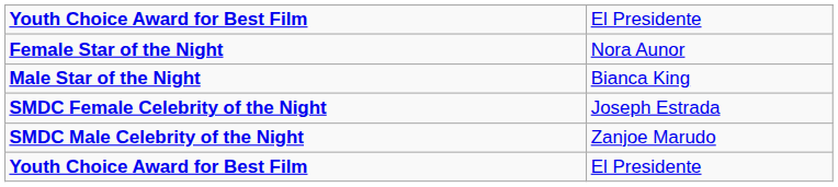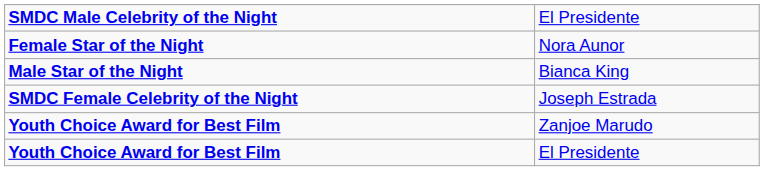 <table class="wikitable" width=45%>
 <tr style="background:#bebebe;">
 </tr>
 <tr>
-<td><strong><a href='#'>Youth Choice Award for Best Film</a></strong></td>
+<td><strong><a href='#'>SMDC Male Celebrity of the Night</a></strong></td>
 <td><a href='#'>El Presidente</a></td>
 </tr>
 <tr>
 <td><strong><a href='#'>Female Star of the Night</a></strong></td>
 <td><a href='#'>Nora Aunor</a></td>
 </tr>
 <tr>
 <td><strong><a href='#'>Male Star of the Night</a></strong></td>
 <td><a href='#'>Bianca King</a></td>
 </tr>
 <tr>
 <td><strong><a href='#'>SMDC Female Celebrity of the Night</a></strong></td>
 <td><a href='#'>Joseph Estrada</a></td>
 </tr>
 <tr>
-<td><strong><a href='#'>SMDC Male Celebrity of the Night</a></strong></td>
+<td><strong><a href='#'>Youth Choice Award for Best Film</a></strong></td>
 <td><a href='#'>Zanjoe Marudo</a></td>
 </tr>
 <tr>
 <td><strong><a href='#'>Youth Choice Award for Best Film</a></strong></td>
 <td><a href='#'>El Presidente</a></td>
 </tr>
 </table>
